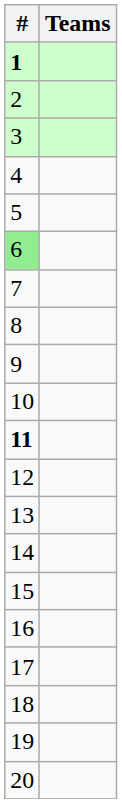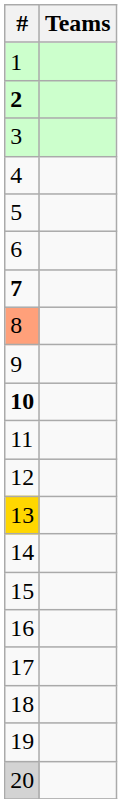 <table class="wikitable">
 <tr>
 <th>#</th>
 <th>Teams</th>
 </tr>
 <tr bgcolor=ccffcc>
-<td><strong>1</strong></td>
+<td>1</td>
 <td></td>
 </tr>
 <tr bgcolor=ccffcc>
-<td>2</td>
+<td><strong>2</strong></td>
 <td></td>
 </tr>
 <tr bgcolor=ccffcc>
 <td>3</td>
 <td></td>
 </tr>
 <tr>
 <td>4</td>
 <td></td>
 </tr>
 <tr>
 <td>5</td>
 <td></td>
 </tr>
 <tr>
-<td style="background: lightgreen;">6</td>
+<td>6</td>
 <td></td>
 </tr>
 <tr>
-<td>7</td>
+<td><strong>7</strong></td>
 <td></td>
 </tr>
 <tr>
-<td>8</td>
+<td style="background: lightsalmon;">8</td>
 <td></td>
 </tr>
 <tr>
 <td>9</td>
 <td></td>
 </tr>
 <tr>
-<td>10</td>
+<td><strong>10</strong></td>
 <td></td>
 </tr>
 <tr>
-<td><strong>11</strong></td>
+<td>11</td>
 <td></td>
 </tr>
 <tr>
 <td>12</td>
 <td></td>
 </tr>
 <tr>
-<td>13</td>
+<td style="background: gold;">13</td>
 <td></td>
 </tr>
 <tr>
 <td>14</td>
 <td></td>
 </tr>
 <tr>
 <td>15</td>
 <td></td>
 </tr>
 <tr>
 <td>16</td>
 <td></td>
 </tr>
 <tr>
 <td>17</td>
 <td></td>
 </tr>
 <tr>
 <td>18</td>
 <td></td>
 </tr>
 <tr>
 <td>19</td>
 <td></td>
 </tr>
 <tr>
-<td>20</td>
+<td style="background: lightgrey;">20</td>
 <td></td>
 </tr>
 </table>
